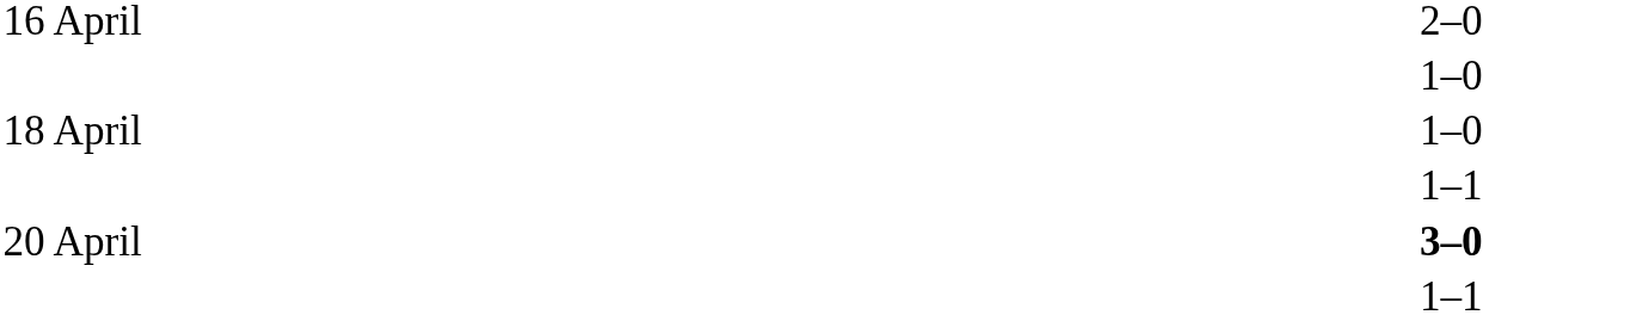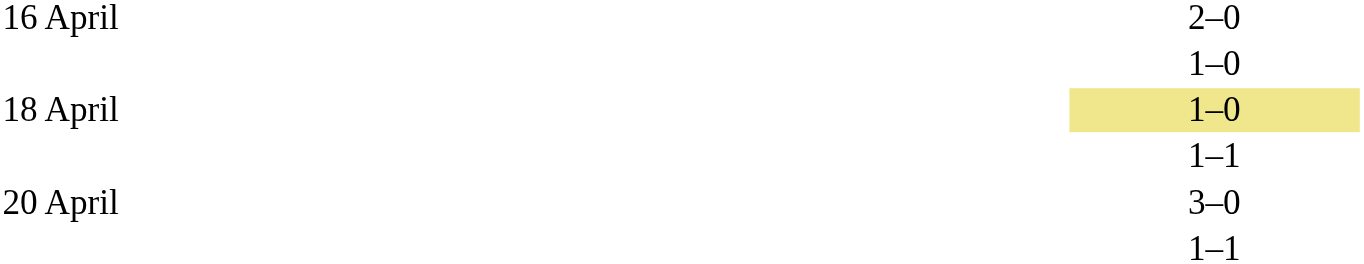 <table cellspacing=1 width=70%>
 <tr>
 <th width=25%></th>
 <th width=30%></th>
 <th width=15%></th>
 <th width=30%></th>
 </tr>
 <tr>
 <td>16 April</td>
 <td align=right></td>
 <td align=center>2–0</td>
 <td></td>
 </tr>
 <tr>
 <td></td>
 <td align=right></td>
 <td align=center>1–0</td>
 <td></td>
 </tr>
 <tr>
 <td>18 April</td>
 <td align=right></td>
-<td align=center>1–0</td>
+<td align=center style="background: khaki;">1–0</td>
 <td></td>
 </tr>
 <tr>
 <td></td>
 <td align=right></td>
 <td align=center>1–1</td>
 <td></td>
 </tr>
 <tr>
 <td>20 April</td>
 <td align=right></td>
-<td align=center><strong>3–0</strong></td>
+<td align=center>3–0</td>
 <td></td>
 </tr>
 <tr>
 <td></td>
 <td align=right></td>
 <td align=center>1–1</td>
 <td></td>
 </tr>
 </table>
